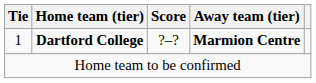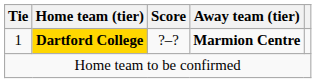 <table class="wikitable" style="text-align:center; font-size:85%">
 <tr>
 <th>Tie</th>
 <th>Home team (tier)</th>
 <th>Score</th>
 <th>Away team (tier)</th>
 <th></th>
 </tr>
 <tr>
 <td align="center">1</td>
-<td><strong>Dartford College</strong></td>
+<td style="background: gold;"><strong>Dartford College</strong></td>
 <td align="center">?–?</td>
 <td><strong>Marmion Centre</strong></td>
 <td></td>
 </tr>
 <tr>
 <td colspan="5" align="center">Home team to be confirmed</td>
 </tr>
 </table>
